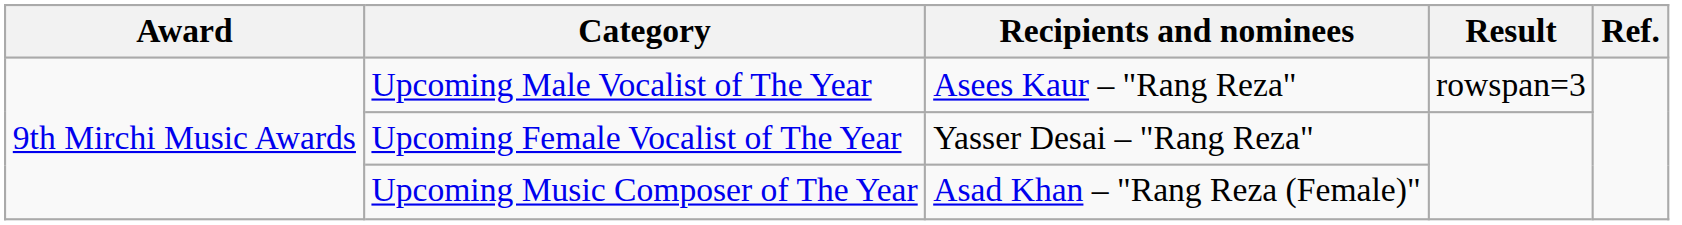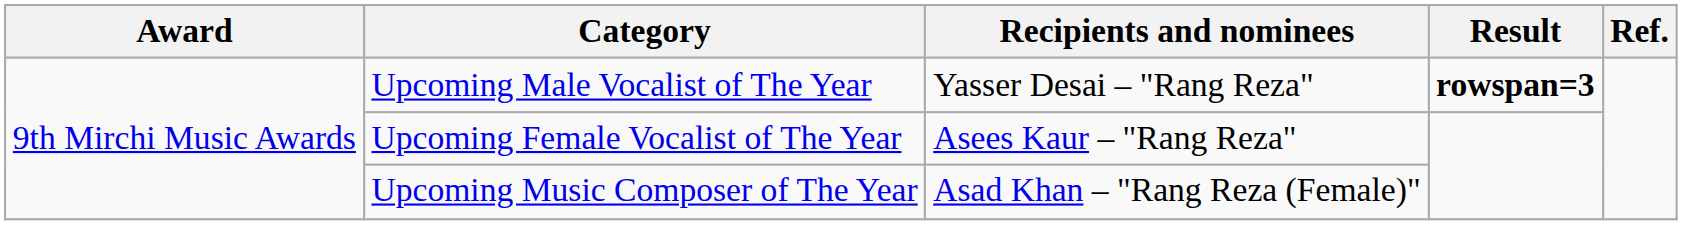 <table class="wikitable sortable">
 <tr>
 <th>Award</th>
 <th>Category</th>
 <th>Recipients and nominees</th>
 <th>Result</th>
 <th>Ref.</th>
 </tr>
 <tr>
 <td rowspan=3><a href='#'>9th Mirchi Music Awards</a></td>
 <td><a href='#'>Upcoming Male Vocalist of The Year</a></td>
-<td><a href='#'>Asees Kaur</a> – "Rang Reza"</td>
-<td>rowspan=3 </td>
+<td>Yasser Desai – "Rang Reza"</td>
+<td><strong>rowspan=3 </strong></td>
 <td rowspan=3></td>
 </tr>
 <tr>
 <td><a href='#'>Upcoming Female Vocalist of The Year</a></td>
-<td>Yasser Desai – "Rang Reza"</td>
+<td><a href='#'>Asees Kaur</a> – "Rang Reza"</td>
 </tr>
 <tr>
 <td><a href='#'>Upcoming Music Composer of The Year</a></td>
 <td><a href='#'>Asad Khan</a> – "Rang Reza (Female)"</td>
 </tr>
 </table>
